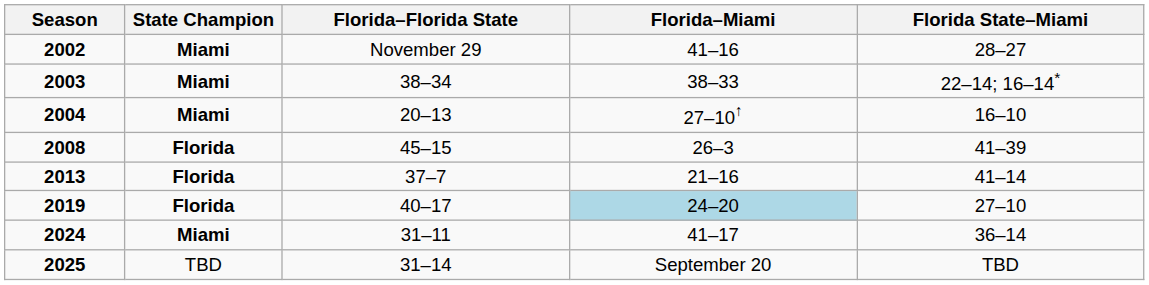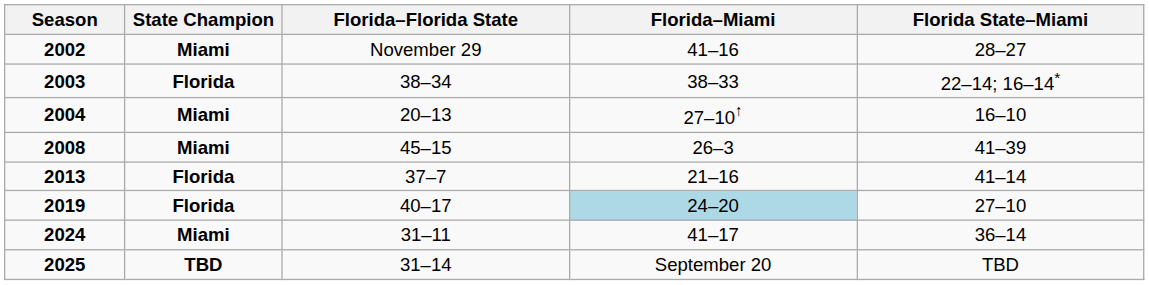 <table class="wikitable" style="font-size: 90%; text-align:center; float:left; margin-right:1em;">
 <tr>
 <th style="width:6em">Season</th>
 <th style="width:8em">State Champion</th>
 <th style="width:15em">Florida–Florida State</th>
 <th style="width:15em">Florida–Miami</th>
 <th style="width:15em">Florida State–Miami</th>
 </tr>
 <tr>
 <td><strong>2002</strong></td>
 <td><strong>Miami</strong></td>
 <td>November 29</td>
 <td>41–16</td>
 <td>28–27</td>
 </tr>
 <tr>
 <td><strong>2003</strong></td>
-<td><strong>Miami</strong></td>
+<td><strong>Florida</strong></td>
 <td>38–34</td>
 <td>38–33</td>
 <td>22–14; 16–14<sup>*</sup></td>
 </tr>
 <tr>
 <td><strong>2004</strong></td>
 <td><strong>Miami</strong></td>
 <td>20–13</td>
 <td>27–10<sup>↑</sup></td>
 <td>16–10</td>
 </tr>
 <tr>
 <td><strong>2008</strong></td>
-<td><strong>Florida</strong></td>
+<td><strong>Miami</strong></td>
 <td>45–15</td>
 <td>26–3</td>
 <td>41–39</td>
 </tr>
 <tr>
 <td><strong>2013</strong></td>
 <td><strong>Florida</strong></td>
 <td>37–7</td>
 <td>21–16</td>
 <td>41–14</td>
 </tr>
 <tr>
 <td><strong>2019</strong></td>
 <td><strong>Florida</strong></td>
 <td>40–17</td>
 <td style="background: lightblue;">24–20</td>
 <td>27–10</td>
 </tr>
 <tr>
 <td><strong>2024</strong></td>
 <td><strong>Miami</strong></td>
 <td November 30>31–11</td>
 <td August 31>41–17</td>
 <td October 26>36–14</td>
 </tr>
 <tr>
 <td><strong>2025</strong></td>
-<td>TBD</td>
+<td><strong>TBD</strong></td>
 <td>31–14</td>
 <td>September 20</td>
 <td>TBD</td>
 </tr>
 </table>
